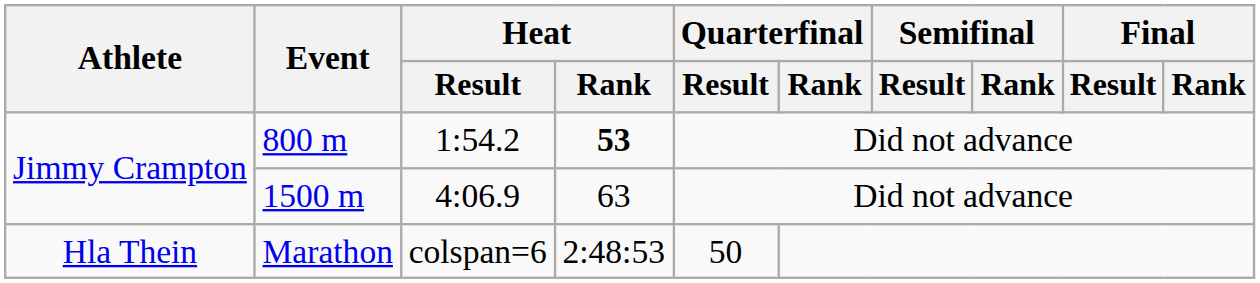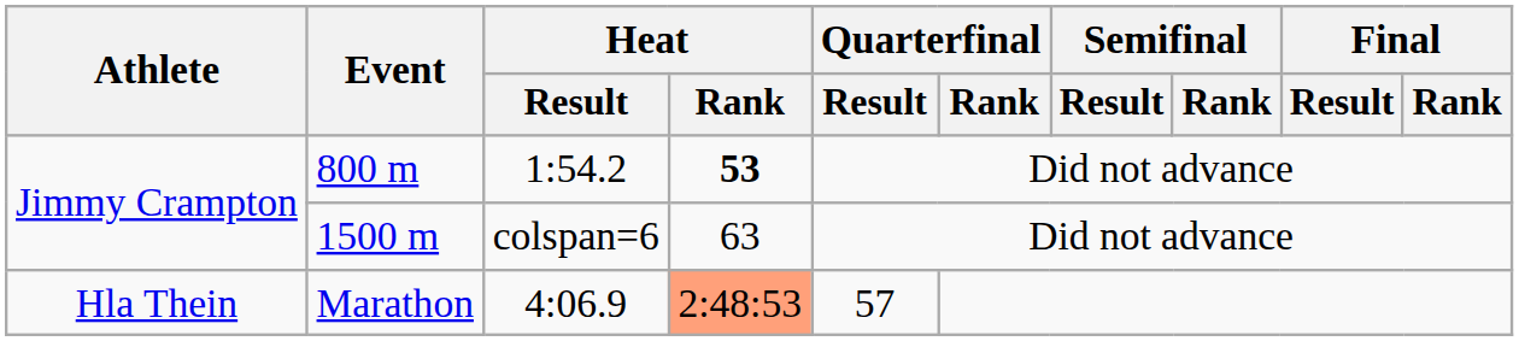 <table class="wikitable" style="font-size:90%">
 <tr>
 <th rowspan="2">Athlete</th>
 <th rowspan="2">Event</th>
 <th colspan="2">Heat</th>
 <th colspan="2">Quarterfinal</th>
 <th colspan="2">Semifinal</th>
 <th colspan="2">Final</th>
 </tr>
 <tr style="font-size:95%">
 <th>Result</th>
 <th>Rank</th>
 <th>Result</th>
 <th>Rank</th>
 <th>Result</th>
 <th>Rank</th>
 <th>Result</th>
 <th>Rank</th>
 </tr>
 <tr align=center>
 <td rowspan=2><a href='#'>Jimmy Crampton</a></td>
 <td align=left><a href='#'>800 m</a></td>
 <td>1:54.2</td>
 <td><strong>53</strong></td>
 <td colspan=6>Did not advance</td>
 </tr>
 <tr align=center>
 <td align=left><a href='#'>1500 m</a></td>
-<td>4:06.9</td>
+<td>colspan=6 </td>
 <td>63</td>
 <td colspan=6>Did not advance</td>
 </tr>
 <tr align=center>
 <td><a href='#'>Hla Thein</a></td>
 <td align=left><a href='#'>Marathon</a></td>
-<td>colspan=6 </td>
-<td>2:48:53</td>
-<td>50</td>
+<td>4:06.9</td>
+<td style="background: lightsalmon;">2:48:53</td>
+<td>57</td>
 </tr>
 </table>
